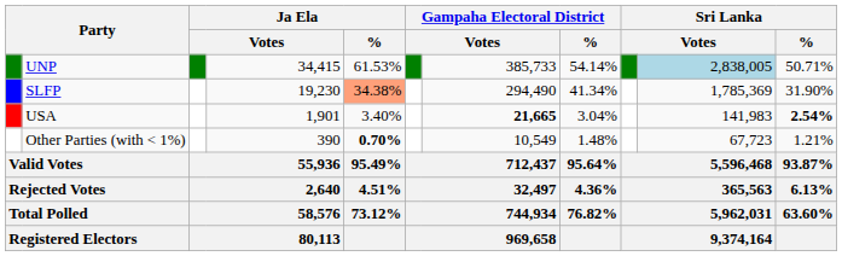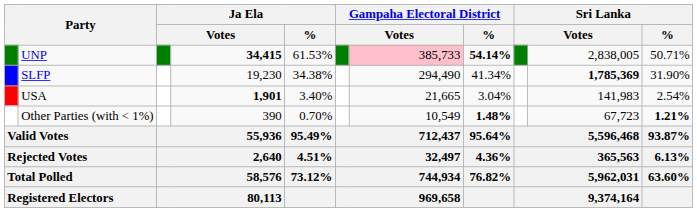 <table class="wikitable">
 <tr>
 <th colspan="2" width="144px"rowspan="2">Party</th>
 <th colspan="3" width="216px">Ja Ela</th>
 <th colspan="3" width="216px"><a href='#'>Gampaha Electoral District</a></th>
 <th colspan="3" width="216px">Sri Lanka</th>
 </tr>
 <tr>
 <th colspan="2" width="144px">Votes</th>
 <th>%</th>
 <th colspan="2" width="144px">Votes</th>
 <th>%</th>
 <th colspan="2" width="144px">Votes</th>
 <th>%</th>
 </tr>
 <tr>
 <td style="background-color:green;" width="10px"></td>
 <td style="text-align:left;"><a href='#'>UNP</a></td>
 <td style="background-color:green;" width="10px"></td>
-<td style="text-align:right;">34,415</td>
+<td style="text-align:right;"><strong>34,415</strong></td>
 <td style="text-align:right;">61.53%</td>
 <td style="background-color:green;" width="10px"></td>
-<td style="text-align:right;">385,733</td>
-<td style="text-align:right;">54.14%</td>
+<td style="background: pink; text-align:right;">385,733</td>
+<td style="text-align:right;"><strong>54.14%</strong></td>
 <td style="background-color:green;" width="10px"></td>
-<td style="background: lightblue; text-align:right;">2,838,005</td>
+<td style="text-align:right;">2,838,005</td>
 <td style="text-align:right;">50.71%</td>
 </tr>
 <tr>
 <td style="background-color:blue;" width="10px"></td>
 <td style="text-align:left;"><a href='#'>SLFP</a></td>
 <td style="background-color:white;" width="10px"></td>
 <td style="text-align:right;">19,230</td>
-<td style="background: lightsalmon; text-align:right;">34.38%</td>
+<td style="text-align:right;">34.38%</td>
 <td style="background-color:white;" width="10px"></td>
 <td style="text-align:right;">294,490</td>
 <td style="text-align:right;">41.34%</td>
 <td style="background-color:white;" width="10px"></td>
-<td style="text-align:right;">1,785,369</td>
+<td style="text-align:right;"><strong>1,785,369</strong></td>
 <td style="text-align:right;">31.90%</td>
 </tr>
 <tr>
 <td style="background-color:red;" width="10px"></td>
 <td style="text-align:left;">USA</td>
 <td style="background-color:white;" width="10px"></td>
-<td style="text-align:right;">1,901</td>
+<td style="text-align:right;"><strong>1,901</strong></td>
 <td style="text-align:right;">3.40%</td>
 <td style="background-color:white;" width="10px"></td>
-<td style="text-align:right;"><strong>21,665</strong></td>
+<td style="text-align:right;">21,665</td>
 <td style="text-align:right;">3.04%</td>
 <td style="background-color:white;" width="10px"></td>
 <td style="text-align:right;">141,983</td>
-<td style="text-align:right;"><strong>2.54%</strong></td>
+<td style="text-align:right;">2.54%</td>
 </tr>
 <tr>
 <td style="background-color:white;" width="10px"></td>
 <td style="text-align:left;">Other Parties (with < 1%)</td>
 <td style="background-color:white;" width="10px"></td>
 <td style="text-align:right;">390</td>
-<td style="text-align:right;"><strong>0.70%</strong></td>
+<td style="text-align:right;">0.70%</td>
 <td style="background-color:white;" width="10px"></td>
 <td style="text-align:right;">10,549</td>
-<td style="text-align:right;">1.48%</td>
+<td style="text-align:right;"><strong>1.48%</strong></td>
 <td style="background-color:white;" width="10px"></td>
 <td style="text-align:right;">67,723</td>
-<td style="text-align:right;">1.21%</td>
+<td style="text-align:right;"><strong>1.21%</strong></td>
 </tr>
 <tr>
 <th colspan="2" width="144px"style="text-align:left;">Valid Votes</th>
 <th style="text-align:right;"colspan="2" width="144px">55,936</th>
 <th style="text-align:right;">95.49%</th>
 <th style="text-align:right;"colspan="2" width="144px">712,437</th>
 <th style="text-align:right;">95.64%</th>
 <th style="text-align:right;"colspan="2" width="144px">5,596,468</th>
 <th style="text-align:right;">93.87%</th>
 </tr>
 <tr>
 <th colspan="2" width="144px"style="text-align:left;">Rejected Votes</th>
 <th style="text-align:right;"colspan="2" width="144px">2,640</th>
 <th style="text-align:right;">4.51%</th>
 <th style="text-align:right;"colspan="2" width="144px">32,497</th>
 <th style="text-align:right;">4.36%</th>
 <th style="text-align:right;"colspan="2" width="144px">365,563</th>
 <th style="text-align:right;">6.13%</th>
 </tr>
 <tr>
 <th colspan="2" width="144px"style="text-align:left;">Total Polled</th>
 <th style="text-align:right;"colspan="2" width="144px">58,576</th>
 <th style="text-align:right;">73.12%</th>
 <th style="text-align:right;"colspan="2" width="144px">744,934</th>
 <th style="text-align:right;">76.82%</th>
 <th style="text-align:right;"colspan="2" width="144px">5,962,031</th>
 <th style="text-align:right;">63.60%</th>
 </tr>
 <tr>
 <th colspan="2" width="144px"style="text-align:left;">Registered Electors</th>
 <th style="text-align:right;"colspan="2" width="144px">80,113</th>
 <th></th>
 <th style="text-align:right;"colspan="2" width="144px">969,658</th>
 <th></th>
 <th style="text-align:right;"colspan="2" width="144px">9,374,164</th>
 <th></th>
 </tr>
 </table>
